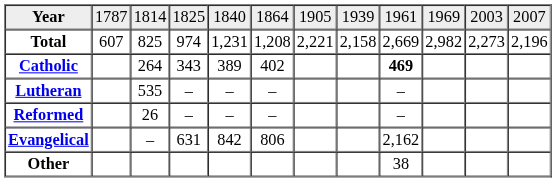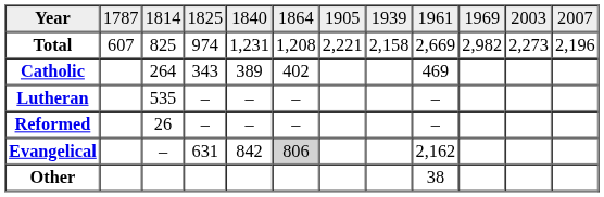 <table border="1" cellpadding="2" cellspacing="0" width="500">
 <tr bgcolor="#eeeeee" align="center">
 <td><strong>Year</strong></td>
 <td>1787</td>
 <td>1814</td>
 <td>1825</td>
 <td>1840</td>
 <td>1864</td>
 <td>1905</td>
 <td>1939</td>
 <td>1961</td>
 <td>1969</td>
 <td>2003</td>
 <td>2007</td>
 </tr>
 <tr align="center">
 <td><strong>Total</strong></td>
 <td>607</td>
 <td>825</td>
 <td>974</td>
 <td>1,231</td>
 <td>1,208</td>
 <td>2,221</td>
 <td>2,158</td>
 <td>2,669</td>
 <td>2,982</td>
 <td>2,273</td>
 <td>2,196</td>
 </tr>
 <tr align="center">
 <td><strong><a href='#'>Catholic</a></strong></td>
 <td> </td>
 <td>264</td>
 <td>343</td>
 <td>389</td>
 <td>402</td>
 <td> </td>
 <td> </td>
-<td><strong>469</strong></td>
+<td>469</td>
 <td> </td>
 <td> </td>
 <td> </td>
 </tr>
 <tr align="center">
 <td><strong><a href='#'>Lutheran</a></strong></td>
 <td> </td>
 <td>535</td>
 <td>–</td>
 <td>–</td>
 <td>–</td>
 <td> </td>
 <td> </td>
 <td>–</td>
 <td> </td>
 <td> </td>
 <td> </td>
 </tr>
 <tr align="center">
 <td><strong><a href='#'>Reformed</a></strong></td>
 <td> </td>
 <td>26</td>
 <td>–</td>
 <td>–</td>
 <td>–</td>
 <td> </td>
 <td> </td>
 <td>–</td>
 <td> </td>
 <td> </td>
 <td> </td>
 </tr>
 <tr align="center">
 <td><strong><a href='#'>Evangelical</a></strong></td>
 <td> </td>
 <td>–</td>
 <td>631</td>
 <td>842</td>
-<td>806</td>
+<td style="background: lightgrey;">806</td>
 <td> </td>
 <td> </td>
 <td>2,162</td>
 <td> </td>
 <td> </td>
 <td> </td>
 </tr>
 <tr align="center">
 <td><strong>Other</strong></td>
 <td> </td>
 <td> </td>
 <td> </td>
 <td> </td>
 <td> </td>
 <td> </td>
 <td> </td>
 <td>38</td>
 <td> </td>
 <td> </td>
 <td> </td>
 </tr>
 </table>
